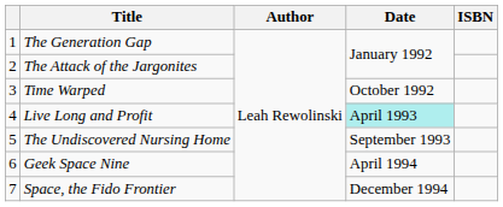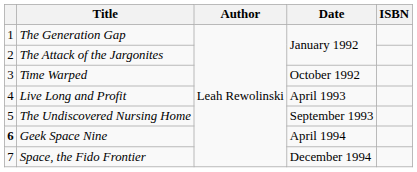 <table class="wikitable">
 <tr>
 <th></th>
 <th>Title</th>
 <th>Author</th>
 <th>Date</th>
 <th>ISBN</th>
 </tr>
 <tr>
 <td>1</td>
 <td><em>The Generation Gap</em></td>
 <td rowspan="7">Leah Rewolinski</td>
 <td rowspan="2">January 1992</td>
 <td></td>
 </tr>
 <tr>
 <td>2</td>
 <td><em>The Attack of the Jargonites</em></td>
 <td></td>
 </tr>
 <tr>
 <td>3</td>
 <td><em>Time Warped</em></td>
 <td>October 1992</td>
 <td></td>
 </tr>
 <tr>
 <td>4</td>
 <td><em>Live Long and Profit</em></td>
-<td style="background: paleturquoise;">April 1993</td>
+<td>April 1993</td>
 <td></td>
 </tr>
 <tr>
 <td>5</td>
 <td><em>The Undiscovered Nursing Home</em></td>
 <td>September 1993</td>
 <td></td>
 </tr>
 <tr>
-<td>6</td>
+<td><strong>6</strong></td>
 <td><em>Geek Space Nine</em></td>
 <td>April 1994</td>
 <td></td>
 </tr>
 <tr>
 <td>7</td>
 <td><em>Space, the Fido Frontier</em></td>
 <td>December 1994</td>
 <td></td>
 </tr>
 </table>
